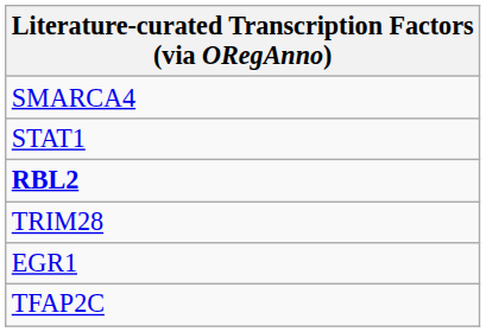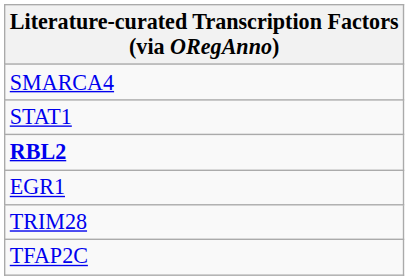 <table class="wikitable mw-collapsible mw-collapsed">
 <tr>
 <th>Literature-curated Transcription Factors<br>(via <em>ORegAnno</em>)</th>
 </tr>
 <tr>
 <td><a href='#'>SMARCA4</a></td>
 </tr>
 <tr>
 <td><a href='#'>STAT1</a></td>
 </tr>
 <tr>
 <td><strong><a href='#'>RBL2</a></strong></td>
 </tr>
 <tr>
-<td><a href='#'>TRIM28</a></td>
+<td><a href='#'>EGR1</a></td>
 </tr>
 <tr>
-<td><a href='#'>EGR1</a></td>
+<td><a href='#'>TRIM28</a></td>
 </tr>
 <tr>
 <td><a href='#'>TFAP2C</a></td>
 </tr>
 </table>
